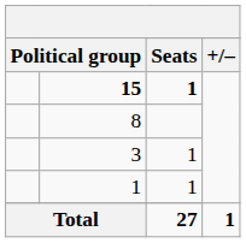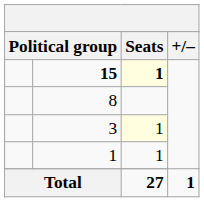 <table class="wikitable" style="text-align:right">
 <tr>
 <th colspan="4"><br></th>
 </tr>
 <tr>
 <th colspan=2 rowspan=2>Political group</th>
 </tr>
 <tr>
 <th>Seats</th>
 <th>+/⁠–</th>
 </tr>
 <tr>
 <td></td>
 <td><strong>15</strong></td>
-<td><strong>1</strong></td>
+<td style="background: lightyellow;"><strong>1</strong></td>
 </tr>
 <tr>
 <td></td>
 <td>8</td>
 <td></td>
 </tr>
 <tr>
 <td></td>
 <td>3</td>
-<td>1</td>
+<td style="background: lightyellow;">1</td>
 </tr>
 <tr>
 <td></td>
 <td>1</td>
 <td>1</td>
 </tr>
 <tr>
 </tr>
 <tr>
 <th colspan=2>Total</th>
 <td><strong>27</strong></td>
 <td><strong>1</strong></td>
 </tr>
 </table>
